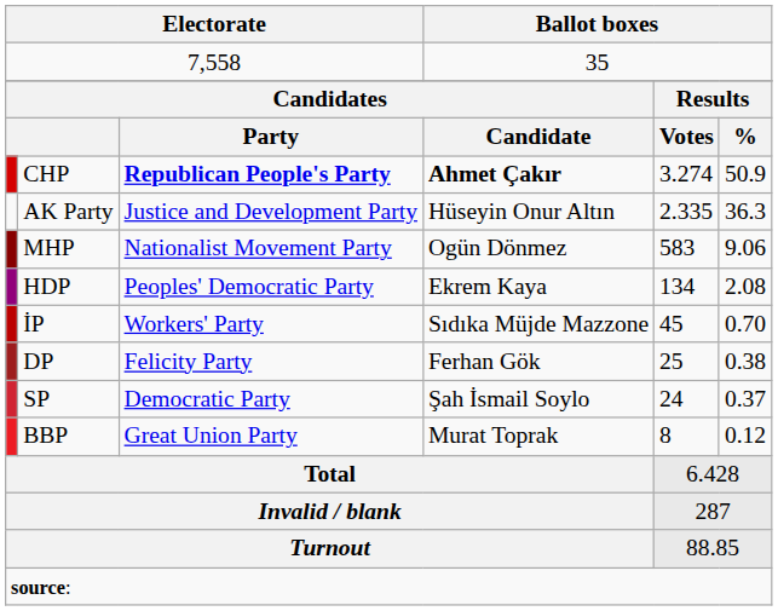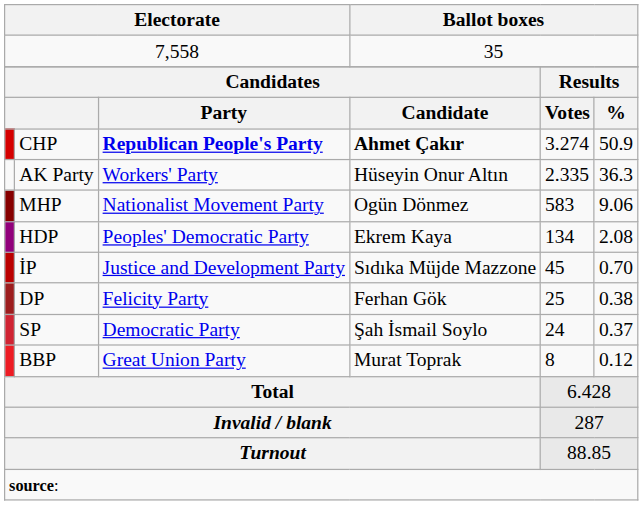 <table class="wikitable">
 <tr style="background-color:#F2F2F2">
 <td align="center" colspan="3"><strong>Electorate</strong></td>
 <td align="center" colspan="7"><strong>Ballot boxes</strong></td>
 </tr>
 <tr align="left">
 <td align="center" colspan="3">7,558</td>
 <td align="center" colspan="7">35</td>
 </tr>
 <tr>
 </tr>
 <tr style="background-color:#E9E9E9">
 </tr>
 <tr>
 <th align="center" colspan="4">Candidates</th>
 <th align="center" colspan="6">Results</th>
 </tr>
 <tr style="background-color:#E9E9E9">
 <th align="center" colspan="2"></th>
 <th align="center">Party</th>
 <th align="center">Candidate</th>
 <th align="center">Votes</th>
 <th align="center">%</th>
 </tr>
 <tr align="left">
 <td bgcolor="#d50000" width=1></td>
 <td>CHP</td>
 <td><strong><a href='#'>Republican People's Party</a></strong></td>
 <td><strong>Ahmet Çakır</strong></td>
 <td>3.274</td>
 <td>50.9</td>
 </tr>
 <tr align="left">
 <td></td>
 <td>AK Party</td>
-<td><a href='#'>Justice and Development Party</a></td>
+<td><a href='#'>Workers' Party</a></td>
 <td>Hüseyin Onur Altın</td>
 <td>2.335</td>
 <td>36.3</td>
 </tr>
 <tr align="left">
 <td bgcolor="#870000" width=1></td>
 <td>MHP</td>
 <td><a href='#'>Nationalist Movement Party</a></td>
 <td>Ogün Dönmez</td>
 <td>583</td>
 <td>9.06</td>
 </tr>
 <tr align="left">
 <td bgcolor="#91007B" width=1></td>
 <td>HDP</td>
 <td><a href='#'>Peoples' Democratic Party</a></td>
 <td>Ekrem Kaya</td>
 <td>134</td>
 <td>2.08</td>
 </tr>
 <tr align="left">
 <td bgcolor="#BB0000" width=1></td>
 <td>İP</td>
-<td><a href='#'>Workers' Party</a></td>
+<td><a href='#'>Justice and Development Party</a></td>
 <td>Sıdıka Müjde Mazzone</td>
 <td>45</td>
 <td>0.70</td>
 </tr>
 <tr align="left">
 <td bgcolor="#9D1D1E" width=1></td>
 <td>DP</td>
 <td><a href='#'>Felicity Party</a></td>
 <td>Ferhan Gök</td>
 <td>25</td>
 <td>0.38</td>
 </tr>
 <tr align="left">
 <td bgcolor="#D02433" width=1></td>
 <td>SP</td>
 <td><a href='#'>Democratic Party</a></td>
 <td>Şah İsmail Soylo</td>
 <td>24</td>
 <td>0.37</td>
 </tr>
 <tr align="left">
 <td bgcolor="#ED1C24" width=1></td>
 <td>BBP</td>
 <td><a href='#'>Great Union Party</a></td>
 <td>Murat Toprak</td>
 <td>8</td>
 <td>0.12</td>
 </tr>
 <tr style="background-color:#E9E9E9" align="left">
 <th align="center" colspan="4"><strong>Total</strong></th>
 <td align="center" colspan="5">6.428</td>
 </tr>
 <tr style="background-color:#E9E9E9" align="left">
 <th align="center" colspan="4"><em>Invalid / blank</em></th>
 <td align="center" colspan="5">287</td>
 </tr>
 <tr style="background-color:#E9E9E9" align="left">
 <th align="center" colspan="4"><em>Turnout</em></th>
 <td align="center" colspan="5">88.85</td>
 </tr>
 <tr>
 <td align="left" colspan=10><small><strong>source</strong>: </small></td>
 </tr>
 </table>
